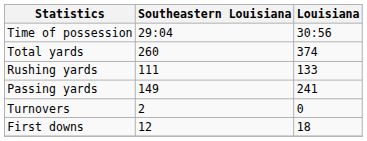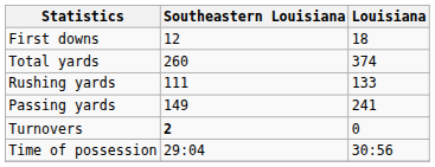 <table class="wikitable">
 <tr>
 <th>Statistics</th>
 <th>Southeastern Louisiana</th>
 <th>Louisiana</th>
 </tr>
 <tr>
-<td>Time of possession</td>
-<td>29:04</td>
-<td>30:56</td>
+<td>First downs</td>
+<td>12</td>
+<td>18</td>
 </tr>
 <tr>
 <td>Total yards</td>
 <td>260</td>
 <td>374</td>
 </tr>
 <tr>
 <td>Rushing yards</td>
 <td>111</td>
 <td>133</td>
 </tr>
 <tr>
 <td>Passing yards</td>
 <td>149</td>
 <td>241</td>
 </tr>
 <tr>
 <td>Turnovers</td>
-<td>2</td>
+<td><strong>2</strong></td>
 <td>0</td>
 </tr>
 <tr>
-<td>First downs</td>
-<td>12</td>
-<td>18</td>
+<td>Time of possession</td>
+<td>29:04</td>
+<td>30:56</td>
 </tr>
 <tr>
 </tr>
 </table>
